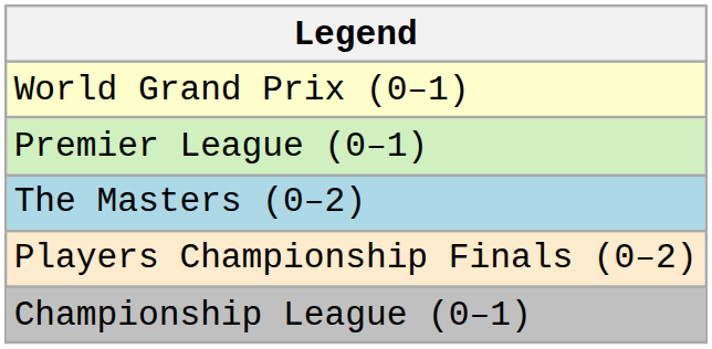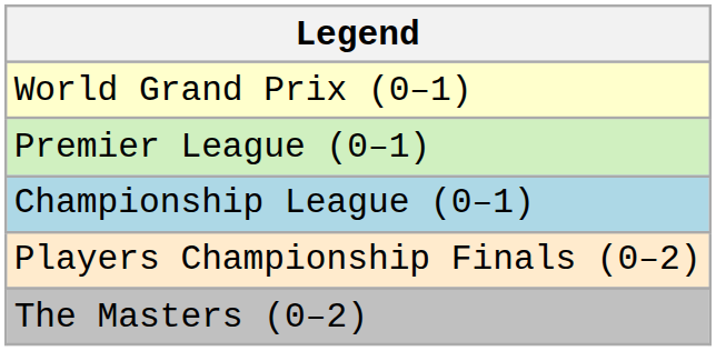 <table class="wikitable">
 <tr>
 <th>Legend</th>
 </tr>
 <tr style="background:#ffc;">
 <td>World Grand Prix (0–1)</td>
 </tr>
 <tr style="background:#d0f0c0;">
 <td>Premier League (0–1)</td>
 </tr>
 <tr bgcolor="lightblue">
-<td>The Masters (0–2)</td>
+<td>Championship League (0–1)</td>
 </tr>
 <tr style="background:#ffebcd;">
 <td>Players Championship Finals (0–2)</td>
 </tr>
 <tr bgcolor="silver">
-<td>Championship League (0–1)</td>
+<td>The Masters (0–2)</td>
 </tr>
 </table>
